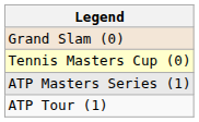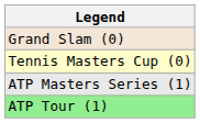 <table class="wikitable sortable mw-collapsible mw-collapsed">
 <tr>
 <th>Legend</th>
 </tr>
 <tr style="background:#f3e6d7;">
 <td>Grand Slam (0)</td>
 </tr>
 <tr style="background:#ffffcc;">
 <td>Tennis Masters Cup (0)</td>
 </tr>
 <tr style="background:#e9e9e9;">
 <td>ATP Masters Series (1)</td>
 </tr>
 <tr>
-<td>ATP Tour (1)</td>
+<td style="background: lightgreen;">ATP Tour (1)</td>
 </tr>
 </table>
